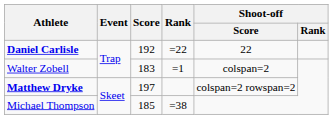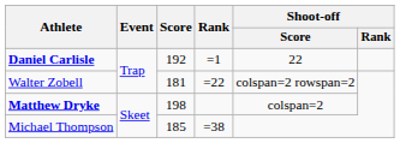 <table class=wikitable style=font-size:90%;text-align:center>
 <tr>
 <th rowspan=2>Athlete</th>
 <th rowspan=2>Event</th>
 <th rowspan=2>Score</th>
 <th rowspan=2>Rank</th>
 <th colspan=2>Shoot-off</th>
 </tr>
 <tr style=font-size:95%>
 <th>Score</th>
 <th>Rank</th>
 </tr>
 <tr>
 <td align=left><strong><a href='#'>Daniel Carlisle</a></strong></td>
 <td align=left rowspan=2><a href='#'>Trap</a></td>
 <td>192</td>
-<td>=22</td>
+<td>=1</td>
 <td>22</td>
 <td></td>
 </tr>
 <tr>
 <td align=left><a href='#'>Walter Zobell</a></td>
-<td>183</td>
-<td>=1</td>
-<td>colspan=2 </td>
+<td>181</td>
+<td>=22</td>
+<td>colspan=2 rowspan=2 </td>
 </tr>
 <tr>
 <td align=left><strong><a href='#'>Matthew Dryke</a></strong></td>
 <td align=left rowspan=2><a href='#'>Skeet</a></td>
-<td>197</td>
+<td>198</td>
 <td></td>
-<td>colspan=2 rowspan=2 </td>
+<td>colspan=2 </td>
 </tr>
 <tr>
 <td align=left><a href='#'>Michael Thompson</a></td>
 <td>185</td>
 <td>=38</td>
 </tr>
 </table>
